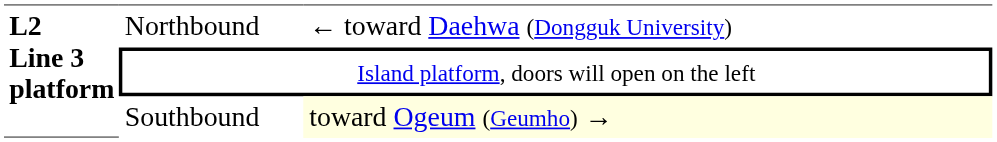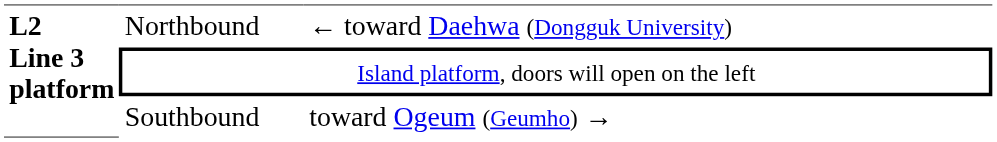 <table table border=0 cellspacing=0 cellpadding=3>
 <tr>
 <td style="border-top:solid 1px gray;border-bottom:solid 1px gray;" width=50 rowspan=10 valign=top><strong>L2<br>Line 3 platform</strong></td>
 <td style="border-bottom:solid 0px gray;border-top:solid 1px gray;" width=100>Northbound</td>
 <td style="border-bottom:solid 0px gray;border-top:solid 1px gray;" width=390>←  toward <a href='#'>Daehwa</a> <small>(<a href='#'>Dongguk University</a>)</small></td>
 </tr>
 <tr>
 <td style="border-top:solid 2px black;border-right:solid 2px black;border-left:solid 2px black;border-bottom:solid 2px black;text-align:center;" colspan=2><small><a href='#'>Island platform</a>, doors will open on the left</small></td>
 </tr>
 <tr>
 <td>Southbound</td>
-<td style="background: lightyellow;">  toward <a href='#'>Ogeum</a> <small>(<a href='#'>Geumho</a>)</small> →</td>
+<td>  toward <a href='#'>Ogeum</a> <small>(<a href='#'>Geumho</a>)</small> →</td>
 </tr>
 </table>
